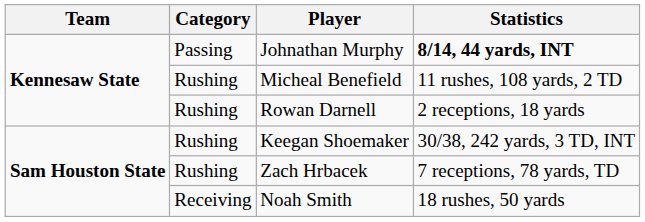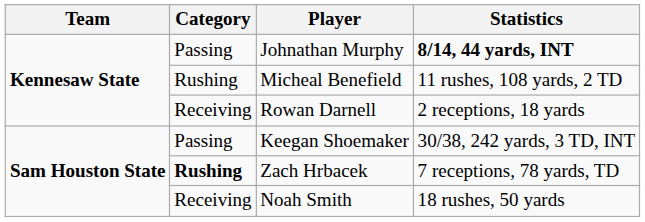 <table class="wikitable" style="float: right;">
 <tr>
 <th>Team</th>
 <th>Category</th>
 <th>Player</th>
 <th>Statistics</th>
 </tr>
 <tr>
 <td rowspan=3><strong>Kennesaw State</strong></td>
 <td>Passing</td>
 <td>Johnathan Murphy</td>
 <td><strong>8/14, 44 yards, INT</strong></td>
 </tr>
 <tr>
 <td>Rushing</td>
 <td>Micheal Benefield</td>
 <td>11 rushes, 108 yards, 2 TD</td>
 </tr>
 <tr>
-<td>Rushing</td>
+<td>Receiving</td>
 <td>Rowan Darnell</td>
 <td>2 receptions, 18 yards</td>
 </tr>
 <tr>
 <td rowspan=3><strong>Sam Houston State</strong></td>
-<td>Rushing</td>
+<td>Passing</td>
 <td>Keegan Shoemaker</td>
 <td>30/38, 242 yards, 3 TD, INT</td>
 </tr>
 <tr>
-<td>Rushing</td>
+<td><strong>Rushing</strong></td>
 <td>Zach Hrbacek</td>
 <td>7 receptions, 78 yards, TD</td>
 </tr>
 <tr>
 <td>Receiving</td>
 <td>Noah Smith</td>
 <td>18 rushes, 50 yards</td>
 </tr>
 </table>
